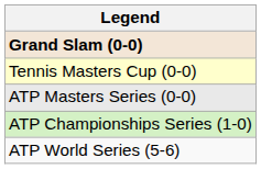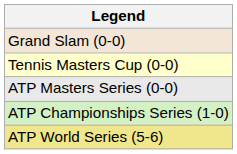 <table class="wikitable sortable mw-collapsible mw-collapsed">
 <tr>
 <th>Legend</th>
 </tr>
 <tr bgcolor=#f3e6d7>
-<td><strong>Grand Slam (0-0)</strong></td>
+<td>Grand Slam (0-0)</td>
 </tr>
 <tr bgcolor=ffffcc>
 <td>Tennis Masters Cup (0-0)</td>
 </tr>
 <tr bgcolor=e9e9e9>
 <td>ATP Masters Series (0-0)</td>
 </tr>
 <tr bgcolor=d4f1c5>
 <td>ATP Championships Series (1-0)</td>
 </tr>
 <tr>
-<td>ATP World Series (5-6)</td>
+<td style="background: khaki;">ATP World Series (5-6)</td>
 </tr>
 </table>
